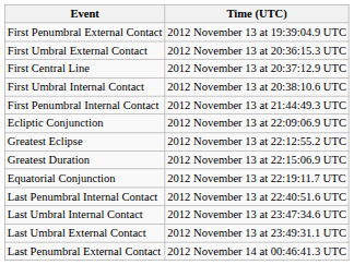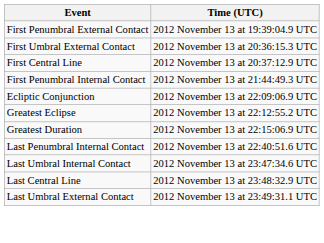 <table class="wikitable">
 <tr>
 <th>Event</th>
 <th>Time (UTC)</th>
 </tr>
 <tr>
 <td>First Penumbral External Contact</td>
 <td>2012 November 13 at 19:39:04.9 UTC</td>
 </tr>
 <tr>
 <td>First Umbral External Contact</td>
 <td>2012 November 13 at 20:36:15.3 UTC</td>
 </tr>
 <tr>
 <td>First Central Line</td>
 <td>2012 November 13 at 20:37:12.9 UTC</td>
 </tr>
 <tr>
-<td>First Umbral Internal Contact</td>
-<td>2012 November 13 at 20:38:10.6 UTC</td>
-</tr>
-<tr>
 <td>First Penumbral Internal Contact</td>
 <td>2012 November 13 at 21:44:49.3 UTC</td>
 </tr>
 <tr>
 <td>Ecliptic Conjunction</td>
 <td>2012 November 13 at 22:09:06.9 UTC</td>
 </tr>
 <tr>
 <td>Greatest Eclipse</td>
 <td>2012 November 13 at 22:12:55.2 UTC</td>
 </tr>
 <tr>
 <td>Greatest Duration</td>
 <td>2012 November 13 at 22:15:06.9 UTC</td>
 </tr>
 <tr>
-<td>Equatorial Conjunction</td>
-<td>2012 November 13 at 22:19:11.7 UTC</td>
-</tr>
-<tr>
 <td>Last Penumbral Internal Contact</td>
 <td>2012 November 13 at 22:40:51.6 UTC</td>
 </tr>
 <tr>
 <td>Last Umbral Internal Contact</td>
 <td>2012 November 13 at 23:47:34.6 UTC</td>
 </tr>
 <tr>
+<td>Last Central Line</td>
+<td>2012 November 13 at 23:48:32.9 UTC</td>
+</tr>
+<tr>
 <td>Last Umbral External Contact</td>
 <td>2012 November 13 at 23:49:31.1 UTC</td>
 </tr>
-<tr>
-<td>Last Penumbral External Contact</td>
-<td>2012 November 14 at 00:46:41.3 UTC</td>
-</tr>
 </table>
